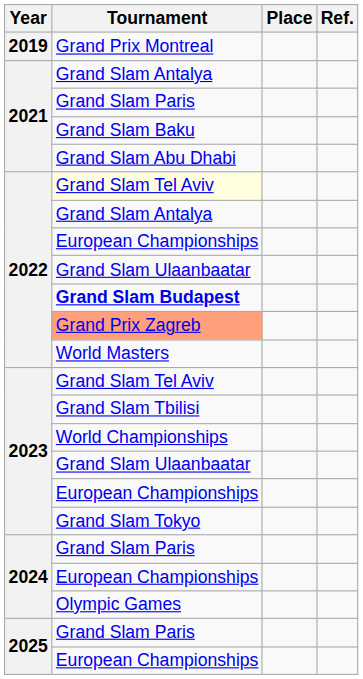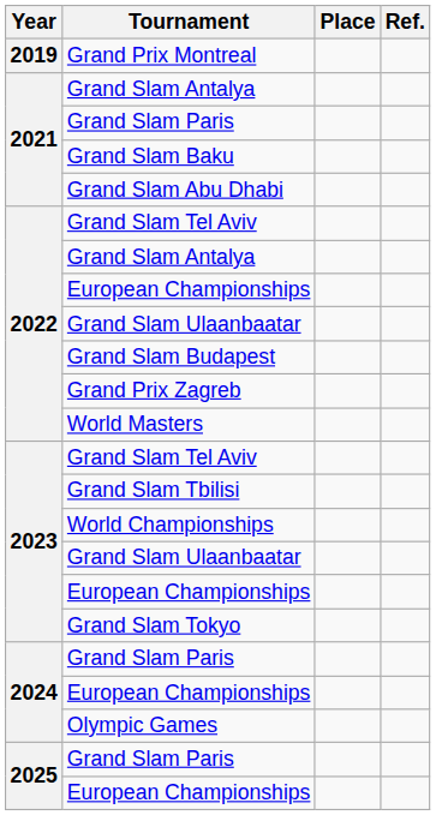 <table class="wikitable sortable" style="text-align:center;">
 <tr>
 <th>Year</th>
 <th>Tournament</th>
 <th>Place</th>
 <th>Ref.</th>
 </tr>
 <tr>
 <th>2019</th>
 <td align=left><a href='#'>Grand Prix Montreal</a></td>
 <td></td>
 <td></td>
 </tr>
 <tr>
 <th rowspan=4>2021</th>
 <td align=left><a href='#'>Grand Slam Antalya</a></td>
 <td></td>
 <td></td>
 </tr>
 <tr>
 <td align=left><a href='#'>Grand Slam Paris</a></td>
 <td></td>
 <td></td>
 </tr>
 <tr>
 <td align=left><a href='#'>Grand Slam Baku</a></td>
 <td></td>
 <td></td>
 </tr>
 <tr>
 <td align=left><a href='#'>Grand Slam Abu Dhabi</a></td>
 <td></td>
 <td></td>
 </tr>
 <tr>
 <th rowspan=7>2022</th>
-<td align=left style="background: lightyellow;"><a href='#'>Grand Slam Tel Aviv</a></td>
+<td align=left><a href='#'>Grand Slam Tel Aviv</a></td>
 <td></td>
 <td></td>
 </tr>
 <tr>
 <td align=left><a href='#'>Grand Slam Antalya</a></td>
 <td></td>
 <td></td>
 </tr>
 <tr>
 <td align=left><a href='#'>European Championships</a></td>
 <td></td>
 <td></td>
 </tr>
 <tr>
 <td align=left><a href='#'>Grand Slam Ulaanbaatar</a></td>
 <td></td>
 <td></td>
 </tr>
 <tr>
-<td align=left><strong><a href='#'>Grand Slam Budapest</a></strong></td>
+<td align=left><a href='#'>Grand Slam Budapest</a></td>
 <td></td>
 <td></td>
 </tr>
 <tr>
-<td align=left style="background: lightsalmon;"><a href='#'>Grand Prix Zagreb</a></td>
+<td align=left><a href='#'>Grand Prix Zagreb</a></td>
 <td></td>
 <td></td>
 </tr>
 <tr>
 <td align=left><a href='#'>World Masters</a></td>
 <td></td>
 <td></td>
 </tr>
 <tr>
 <th rowspan=6>2023</th>
 <td align=left><a href='#'>Grand Slam Tel Aviv</a></td>
 <td></td>
 <td></td>
 </tr>
 <tr>
 <td align=left><a href='#'>Grand Slam Tbilisi</a></td>
 <td></td>
 <td></td>
 </tr>
 <tr>
 <td align=left><a href='#'>World Championships</a></td>
 <td></td>
 <td></td>
 </tr>
 <tr>
 <td align=left><a href='#'>Grand Slam Ulaanbaatar</a></td>
 <td></td>
 <td></td>
 </tr>
 <tr>
 <td align=left><a href='#'>European Championships</a></td>
 <td></td>
 <td></td>
 </tr>
 <tr>
 <td align=left><a href='#'>Grand Slam Tokyo</a></td>
 <td></td>
 <td></td>
 </tr>
 <tr>
 <th rowspan=3>2024</th>
 <td align=left><a href='#'>Grand Slam Paris</a></td>
 <td></td>
 <td></td>
 </tr>
 <tr>
 <td align=left><a href='#'>European Championships</a></td>
 <td></td>
 <td></td>
 </tr>
 <tr>
 <td align=left><a href='#'>Olympic Games</a></td>
 <td></td>
 <td></td>
 </tr>
 <tr>
 <th rowspan=2>2025</th>
 <td align=left><a href='#'>Grand Slam Paris</a></td>
 <td></td>
 <td></td>
 </tr>
 <tr>
 <td align=left><a href='#'>European Championships</a></td>
 <td></td>
 <td></td>
 </tr>
 </table>
